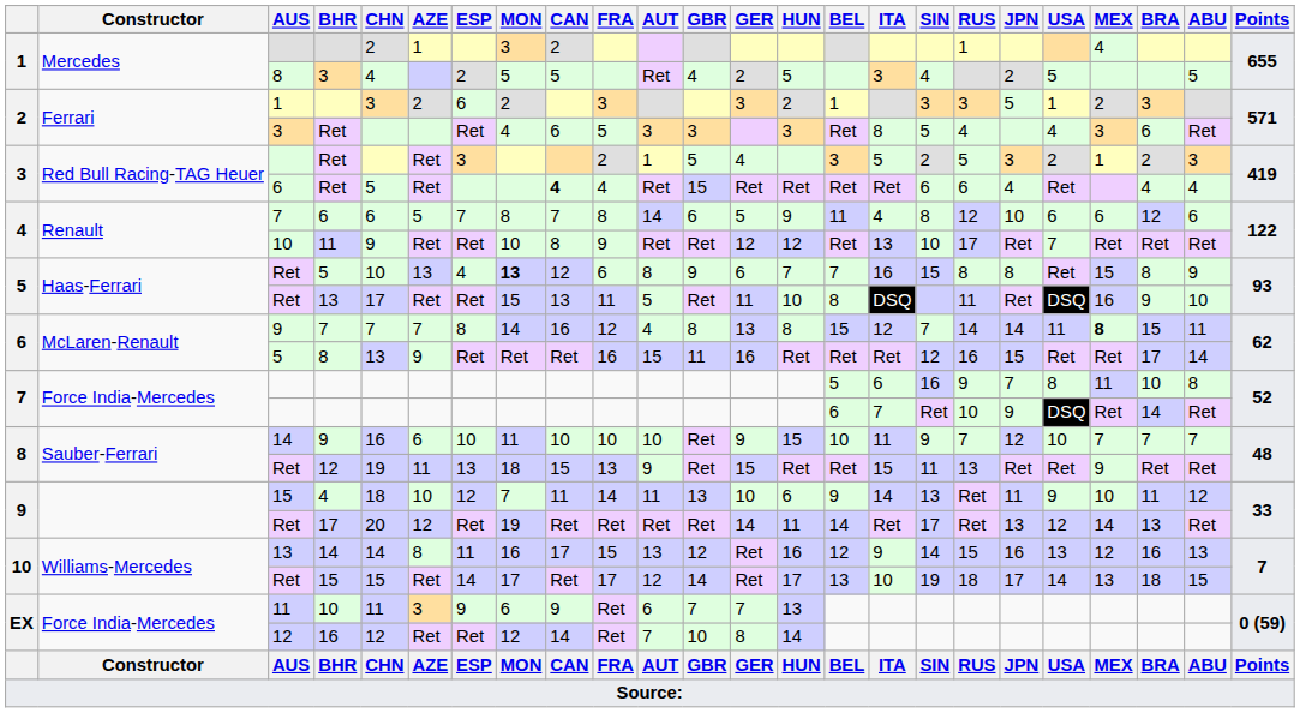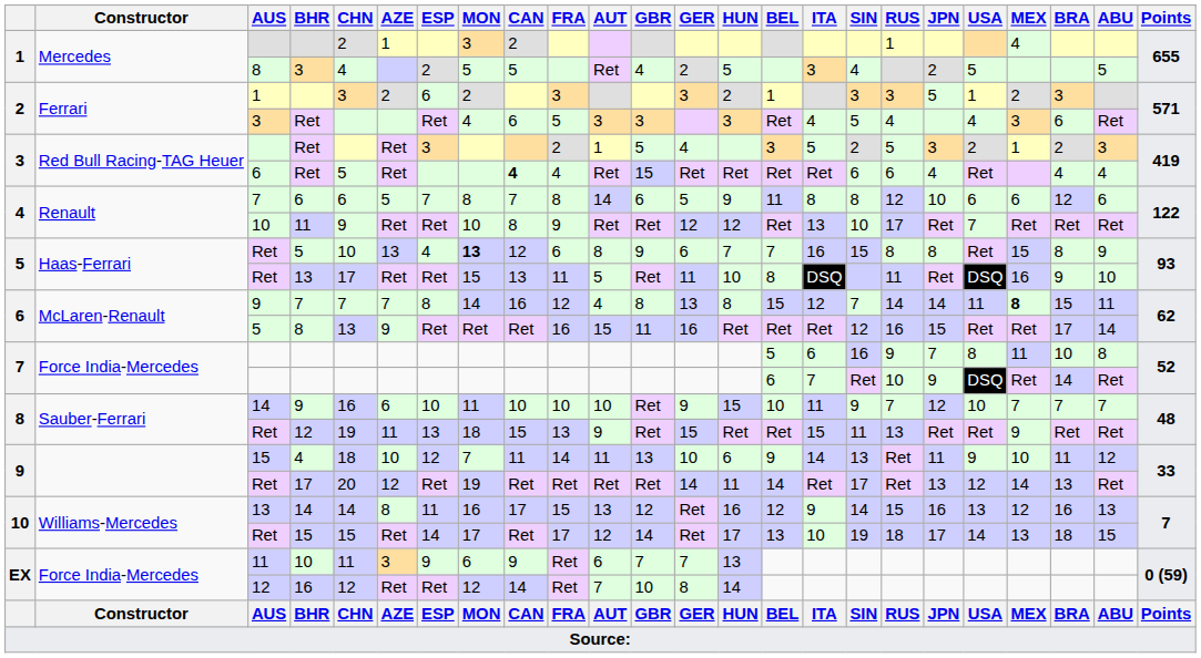 <table class="wikitable" style="font-size: 85%;">
 <tr style="vertical-align:middle;">
 <th style="vertical-align:middle"></th>
 <th style="vertical-align:middle;background">Constructor</th>
 <th style="vertical-align:top"><a href='#'>AUS</a><br></th>
 <th style="vertical-align:top"><a href='#'>BHR</a><br></th>
 <th style="vertical-align:top"><a href='#'>CHN</a><br></th>
 <th style="vertical-align:top"><a href='#'>AZE</a><br></th>
 <th style="vertical-align:top"><a href='#'>ESP</a><br></th>
 <th style="vertical-align:top"><a href='#'>MON</a><br></th>
 <th style="vertical-align:top"><a href='#'>CAN</a><br></th>
 <th style="vertical-align:top"><a href='#'>FRA</a><br></th>
 <th style="vertical-align:top"><a href='#'>AUT</a><br></th>
 <th style="vertical-align:top"><a href='#'>GBR</a><br></th>
 <th style="vertical-align:top"><a href='#'>GER</a><br></th>
 <th style="vertical-align:top"><a href='#'>HUN</a><br></th>
 <th style="vertical-align:top"><a href='#'>BEL</a><br></th>
 <th style="vertical-align:top"><a href='#'>ITA</a><br></th>
 <th style="vertical-align:top"><a href='#'>SIN</a><br></th>
 <th style="vertical-align:top"><a href='#'>RUS</a><br></th>
 <th style="vertical-align:top"><a href='#'>JPN</a><br></th>
 <th style="vertical-align:top"><a href='#'>USA</a><br></th>
 <th style="vertical-align:top"><a href='#'>MEX</a><br></th>
 <th style="vertical-align:top"><a href='#'>BRA</a><br></th>
 <th style="vertical-align:top"><a href='#'>ABU</a><br></th>
 <th style="vertical-align:middle"><a href='#'>Points</a></th>
 </tr>
 <tr>
 <th rowspan="2">1</th>
 <td rowspan="2" align="left"> <a href='#'>Mercedes</a></td>
 <td style="background-color:#dfdfdf"></td>
 <td style="background-color:#dfdfdf"></td>
 <td style="background-color:#dfdfdf">2</td>
 <td style="background-color:#ffffbf">1</td>
 <td style="background-color:#ffffbf"></td>
 <td style="background-color:#ffdf9f">3</td>
 <td style="background-color:#dfdfdf">2</td>
 <td style="background-color:#ffffbf"></td>
 <td style="background-color:#efcfff"></td>
 <td style="background-color:#dfdfdf"></td>
 <td style="background-color:#ffffbf"></td>
 <td style="background-color:#ffffbf"></td>
 <td style="background-color:#dfdfdf"></td>
 <td style="background-color:#ffffbf"></td>
 <td style="background-color:#ffffbf"></td>
 <td style="background-color:#ffffbf">1</td>
 <td style="background-color:#ffffbf"></td>
 <td style="background-color:#ffdf9f"></td>
 <td style="background-color:#dfffdf">4</td>
 <td style="background-color:#ffffbf"></td>
 <td style="background-color:#ffffbf"></td>
 <td style="background-color:#EAECF0;text-align:center" rowspan="2"><strong>655</strong></td>
 </tr>
 <tr>
 <td style="background-color:#dfffdf">8</td>
 <td style="background-color:#ffdf9f">3</td>
 <td style="background-color:#dfffdf">4</td>
 <td style="background-color:#cfcfff" nowrap></td>
 <td style="background-color:#dfdfdf">2</td>
 <td style="background-color:#dfffdf">5</td>
 <td style="background-color:#dfffdf">5</td>
 <td style="background-color:#dfffdf"></td>
 <td style="background-color:#efcfff">Ret</td>
 <td style="background-color:#dfffdf">4</td>
 <td style="background-color:#dfdfdf">2</td>
 <td style="background-color:#dfffdf">5</td>
 <td style="background-color:#dfffdf"></td>
 <td style="background-color:#ffdf9f">3</td>
 <td style="background-color:#dfffdf">4</td>
 <td style="background-color:#dfdfdf"></td>
 <td style="background-color:#dfdfdf">2</td>
 <td style="background-color:#dfffdf">5</td>
 <td style="background-color:#dfffdf"></td>
 <td style="background-color:#dfffdf"></td>
 <td style="background-color:#dfffdf">5</td>
 </tr>
 <tr>
 <th rowspan="2">2</th>
 <td rowspan="2" align="left"> <a href='#'>Ferrari</a></td>
 <td style="background-color:#ffffbf">1</td>
 <td style="background-color:#ffffbf"></td>
 <td style="background-color:#ffdf9f">3</td>
 <td style="background-color:#dfdfdf">2</td>
 <td style="background-color:#dfffdf">6</td>
 <td style="background-color:#dfdfdf">2</td>
 <td style="background-color:#ffffbf"></td>
 <td style="background-color:#ffdf9f">3</td>
 <td style="background-color:#dfdfdf"></td>
 <td style="background-color:#ffffbf"></td>
 <td style="background-color:#ffdf9f">3</td>
 <td style="background-color:#dfdfdf">2</td>
 <td style="background-color:#ffffbf">1</td>
 <td style="background-color:#dfdfdf"></td>
 <td style="background-color:#ffdf9f">3</td>
 <td style="background-color:#ffdf9f">3</td>
 <td style="background-color:#dfffdf">5</td>
 <td style="background-color:#ffffbf">1</td>
 <td style="background-color:#dfdfdf">2</td>
 <td style="background-color:#ffdf9f">3</td>
 <td style="background-color:#dfdfdf"></td>
 <td style="background-color:#EAECF0;text-align:center" rowspan="2"><strong>571</strong></td>
 </tr>
 <tr>
 <td style="background-color:#ffdf9f">3</td>
 <td style="background-color:#efcfff">Ret</td>
 <td style="background-color:#dfffdf"></td>
 <td style="background-color:#dfffdf"></td>
 <td style="background-color:#efcfff">Ret</td>
 <td style="background-color:#dfffdf">4</td>
 <td style="background-color:#dfffdf">6</td>
 <td style="background-color:#dfffdf">5</td>
 <td style="background-color:#ffdf9f">3</td>
 <td style="background-color:#ffdf9f">3</td>
 <td style="background-color:#efcfff"></td>
 <td style="background-color:#ffdf9f">3</td>
 <td style="background-color:#efcfff">Ret</td>
-<td style="background-color:#dfffdf">8</td>
+<td style="background-color:#dfffdf">4</td>
 <td style="background-color:#dfffdf">5</td>
 <td style="background-color:#dfffdf">4</td>
 <td style="background-color:#dfffdf"></td>
 <td style="background-color:#dfffdf">4</td>
 <td style="background-color:#ffdf9f">3</td>
 <td style="background-color:#dfffdf">6</td>
 <td style="background-color:#efcfff">Ret</td>
 </tr>
 <tr>
 <th rowspan="2">3</th>
 <td rowspan="2" align="left"> <a href='#'>Red Bull Racing</a>-<a href='#'>TAG Heuer</a></td>
 <td style="background-color:#dfffdf"></td>
 <td style="background-color:#efcfff">Ret</td>
 <td style="background-color:#ffffbf"></td>
 <td style="background-color:#efcfff">Ret</td>
 <td style="background-color:#ffdf9f">3</td>
 <td style="background-color:#ffffbf"></td>
 <td style="background-color:#ffdf9f"></td>
 <td style="background-color:#dfdfdf">2</td>
 <td style="background-color:#ffffbf">1</td>
 <td style="background-color:#dfffdf">5</td>
 <td style="background-color:#dfffdf">4</td>
 <td style="background-color:#dfffdf"></td>
 <td style="background-color:#ffdf9f">3</td>
 <td style="background-color:#dfffdf">5</td>
 <td style="background-color:#dfdfdf">2</td>
 <td style="background-color:#dfffdf">5</td>
 <td style="background-color:#ffdf9f">3</td>
 <td style="background-color:#dfdfdf">2</td>
 <td style="background-color:#ffffbf">1</td>
 <td style="background-color:#dfdfdf">2</td>
 <td style="background-color:#ffdf9f">3</td>
 <td style="background-color:#EAECF0;text-align:center" rowspan="2"><strong>419</strong></td>
 </tr>
 <tr>
 <td style="background-color:#dfffdf">6</td>
 <td style="background-color:#efcfff">Ret</td>
 <td style="background-color:#dfffdf">5</td>
 <td style="background-color:#efcfff">Ret</td>
 <td style="background-color:#dfffdf"></td>
 <td style="background-color:#dfffdf"></td>
 <td style="background-color:#dfffdf"><strong>4</strong></td>
 <td style="background-color:#dfffdf">4</td>
 <td style="background-color:#efcfff">Ret</td>
 <td style="background-color:#cfcfff">15</td>
 <td style="background-color:#efcfff">Ret</td>
 <td style="background-color:#efcfff">Ret</td>
 <td style="background-color:#efcfff">Ret</td>
 <td style="background-color:#efcfff">Ret</td>
 <td style="background-color:#dfffdf">6</td>
 <td style="background-color:#dfffdf">6</td>
 <td style="background-color:#dfffdf">4</td>
 <td style="background-color:#efcfff">Ret</td>
 <td style="background-color:#efcfff"></td>
 <td style="background-color:#dfffdf">4</td>
 <td style="background-color:#dfffdf">4</td>
 </tr>
 <tr>
 <th rowspan="2">4</th>
 <td rowspan="2" align="left"> <a href='#'>Renault</a></td>
 <td style="background-color:#dfffdf">7</td>
 <td style="background-color:#dfffdf">6</td>
 <td style="background-color:#dfffdf">6</td>
 <td style="background-color:#dfffdf">5</td>
 <td style="background-color:#dfffdf">7</td>
 <td style="background-color:#dfffdf">8</td>
 <td style="background-color:#dfffdf">7</td>
 <td style="background-color:#dfffdf">8</td>
 <td style="background-color:#cfcfff">14</td>
 <td style="background-color:#dfffdf">6</td>
 <td style="background-color:#dfffdf">5</td>
 <td style="background-color:#dfffdf">9</td>
 <td style="background-color:#cfcfff">11</td>
-<td style="background-color:#dfffdf">4</td>
+<td style="background-color:#dfffdf">8</td>
 <td style="background-color:#dfffdf">8</td>
 <td style="background-color:#cfcfff">12</td>
 <td style="background-color:#dfffdf">10</td>
 <td style="background-color:#dfffdf">6</td>
 <td style="background-color:#dfffdf">6</td>
 <td style="background-color:#cfcfff">12</td>
 <td style="background-color:#dfffdf">6</td>
 <td style="background-color:#EAECF0;text-align:center" rowspan="2"><strong>122</strong></td>
 </tr>
 <tr>
 <td style="background-color:#dfffdf">10</td>
 <td style="background-color:#cfcfff">11</td>
 <td style="background-color:#dfffdf">9</td>
 <td style="background-color:#efcfff">Ret</td>
 <td style="background-color:#efcfff">Ret</td>
 <td style="background-color:#dfffdf">10</td>
 <td style="background-color:#dfffdf">8</td>
 <td style="background-color:#dfffdf">9</td>
 <td style="background-color:#efcfff">Ret</td>
 <td style="background-color:#efcfff">Ret</td>
 <td style="background-color:#cfcfff">12</td>
 <td style="background-color:#cfcfff">12</td>
 <td style="background-color:#efcfff">Ret</td>
 <td style="background-color:#cfcfff">13</td>
 <td style="background-color:#dfffdf">10</td>
 <td style="background-color:#cfcfff">17</td>
 <td style="background-color:#efcfff">Ret</td>
 <td style="background-color:#dfffdf">7</td>
 <td style="background-color:#efcfff">Ret</td>
 <td style="background-color:#efcfff">Ret</td>
 <td style="background-color:#efcfff">Ret</td>
 </tr>
 <tr>
 <th rowspan="2">5</th>
 <td rowspan="2" align="left"> <a href='#'>Haas</a>-<a href='#'>Ferrari</a></td>
 <td style="background-color:#efcfff">Ret</td>
 <td style="background-color:#dfffdf">5</td>
 <td style="background-color:#dfffdf">10</td>
 <td style="background-color:#cfcfff">13</td>
 <td style="background-color:#dfffdf">4</td>
 <td style="background-color:#cfcfff"><strong>13</strong></td>
 <td style="background-color:#cfcfff">12</td>
 <td style="background-color:#dfffdf">6</td>
 <td style="background-color:#dfffdf">8</td>
 <td style="background-color:#dfffdf">9</td>
 <td style="background-color:#dfffdf">6</td>
 <td style="background-color:#dfffdf">7</td>
 <td style="background-color:#dfffdf">7</td>
 <td style="background-color:#cfcfff">16</td>
 <td style="background-color:#cfcfff">15</td>
 <td style="background-color:#dfffdf">8</td>
 <td style="background-color:#dfffdf">8</td>
 <td style="background-color:#efcfff">Ret</td>
 <td style="background-color:#cfcfff">15</td>
 <td style="background-color:#dfffdf">8</td>
 <td style="background-color:#dfffdf">9</td>
 <td style="background-color:#EAECF0;text-align:center" rowspan="2"><strong>93</strong></td>
 </tr>
 <tr>
 <td style="background-color:#efcfff">Ret</td>
 <td style="background-color:#cfcfff">13</td>
 <td style="background-color:#cfcfff">17</td>
 <td style="background-color:#efcfff">Ret</td>
 <td style="background-color:#efcfff">Ret</td>
 <td style="background-color:#cfcfff">15</td>
 <td style="background-color:#cfcfff">13</td>
 <td style="background-color:#cfcfff">11</td>
 <td style="background-color:#dfffdf">5</td>
 <td style="background-color:#efcfff">Ret</td>
 <td style="background-color:#cfcfff">11</td>
 <td style="background-color:#dfffdf">10</td>
 <td style="background-color:#dfffdf">8</td>
 <td style="background-color:#000000; color:white">DSQ</td>
 <td style="background-color:#cfcfff"></td>
 <td style="background-color:#cfcfff">11</td>
 <td style="background-color:#efcfff">Ret</td>
 <td style="background-color:#000000; color:white">DSQ</td>
 <td style="background-color:#cfcfff">16</td>
 <td style="background-color:#dfffdf">9</td>
 <td style="background-color:#dfffdf">10</td>
 </tr>
 <tr>
 <th rowspan="2">6</th>
 <td rowspan="2" align="left"> <a href='#'>McLaren</a>-<a href='#'>Renault</a></td>
 <td style="background-color:#dfffdf">9</td>
 <td style="background-color:#dfffdf">7</td>
 <td style="background-color:#dfffdf">7</td>
 <td style="background-color:#dfffdf">7</td>
 <td style="background-color:#dfffdf">8</td>
 <td style="background-color:#cfcfff">14</td>
 <td style="background-color:#cfcfff">16</td>
 <td style="background-color:#cfcfff">12</td>
 <td style="background-color:#dfffdf">4</td>
 <td style="background-color:#dfffdf">8</td>
 <td style="background-color:#cfcfff">13</td>
 <td style="background-color:#dfffdf">8</td>
 <td style="background-color:#cfcfff">15</td>
 <td style="background-color:#cfcfff">12</td>
 <td style="background-color:#dfffdf">7</td>
 <td style="background-color:#cfcfff">14</td>
 <td style="background-color:#cfcfff">14</td>
 <td style="background-color:#cfcfff">11</td>
 <td style="background-color:#dfffdf"><strong>8</strong></td>
 <td style="background-color:#cfcfff">15</td>
 <td style="background-color:#cfcfff">11</td>
 <td style="background-color:#EAECF0;text-align:center" rowspan="2"><strong>62</strong></td>
 </tr>
 <tr>
 <td style="background-color:#dfffdf">5</td>
 <td style="background-color:#dfffdf">8</td>
 <td style="background-color:#cfcfff">13</td>
 <td style="background-color:#dfffdf">9</td>
 <td style="background-color:#efcfff">Ret</td>
 <td style="background-color:#efcfff">Ret</td>
 <td style="background-color:#efcfff">Ret</td>
 <td style="background-color:#cfcfff">16</td>
 <td style="background-color:#cfcfff">15</td>
 <td style="background-color:#cfcfff">11</td>
 <td style="background-color:#cfcfff">16</td>
 <td style="background-color:#efcfff">Ret</td>
 <td style="background-color:#efcfff">Ret</td>
 <td style="background-color:#efcfff">Ret</td>
 <td style="background-color:#cfcfff">12</td>
 <td style="background-color:#cfcfff">16</td>
 <td style="background-color:#cfcfff">15</td>
 <td style="background-color:#efcfff">Ret</td>
 <td style="background-color:#efcfff">Ret</td>
 <td style="background-color:#cfcfff">17</td>
 <td style="background-color:#cfcfff">14</td>
 </tr>
 <tr>
 <th rowspan="2">7</th>
 <td rowspan="2" align="left" nowrap> <a href='#'>Force India</a>-<a href='#'>Mercedes</a></td>
 <td> </td>
 <td></td>
 <td></td>
 <td></td>
 <td></td>
 <td></td>
 <td></td>
 <td></td>
 <td></td>
 <td></td>
 <td></td>
 <td></td>
 <td style="background-color:#dfffdf">5</td>
 <td style="background-color:#dfffdf">6</td>
 <td style="background-color:#cfcfff">16</td>
 <td style="background-color:#dfffdf">9</td>
 <td style="background-color:#dfffdf">7</td>
 <td style="background-color:#dfffdf">8</td>
 <td style="background-color:#cfcfff">11</td>
 <td style="background-color:#dfffdf">10</td>
 <td style="background-color:#dfffdf">8</td>
 <td style="background-color:#EAECF0;text-align:center" rowspan="2"><strong>52</strong></td>
 </tr>
 <tr>
 <td> </td>
 <td></td>
 <td></td>
 <td></td>
 <td></td>
 <td></td>
 <td></td>
 <td></td>
 <td></td>
 <td></td>
 <td></td>
 <td></td>
 <td style="background-color:#dfffdf">6</td>
 <td style="background-color:#dfffdf">7</td>
 <td style="background-color:#efcfff">Ret</td>
 <td style="background-color:#dfffdf">10</td>
 <td style="background-color:#dfffdf">9</td>
 <td style="background-color:#000000; color:white">DSQ</td>
 <td style="background-color:#efcfff">Ret</td>
 <td style="background-color:#cfcfff">14</td>
 <td style="background-color:#efcfff">Ret</td>
 </tr>
 <tr>
 <th rowspan="2">8</th>
 <td rowspan="2" align="left"> <a href='#'>Sauber</a>-<a href='#'>Ferrari</a></td>
 <td style="background-color:#cfcfff">14</td>
 <td style="background-color:#dfffdf">9</td>
 <td style="background-color:#cfcfff">16</td>
 <td style="background-color:#dfffdf">6</td>
 <td style="background-color:#dfffdf">10</td>
 <td style="background-color:#cfcfff">11</td>
 <td style="background-color:#dfffdf">10</td>
 <td style="background-color:#dfffdf">10</td>
 <td style="background-color:#dfffdf">10</td>
 <td style="background-color:#efcfff">Ret</td>
 <td style="background-color:#dfffdf">9</td>
 <td style="background-color:#cfcfff">15</td>
 <td style="background-color:#dfffdf">10</td>
 <td style="background-color:#cfcfff">11</td>
 <td style="background-color:#dfffdf">9</td>
 <td style="background-color:#dfffdf">7</td>
 <td style="background-color:#cfcfff">12</td>
 <td style="background-color:#dfffdf">10</td>
 <td style="background-color:#dfffdf">7</td>
 <td style="background-color:#dfffdf">7</td>
 <td style="background-color:#dfffdf">7</td>
 <td style="background-color:#EAECF0;text-align:center" rowspan="2"><strong>48</strong></td>
 </tr>
 <tr>
 <td style="background-color:#efcfff">Ret</td>
 <td style="background-color:#cfcfff">12</td>
 <td style="background-color:#cfcfff">19</td>
 <td style="background-color:#cfcfff">11</td>
 <td style="background-color:#cfcfff">13</td>
 <td style="background-color:#cfcfff">18</td>
 <td style="background-color:#cfcfff">15</td>
 <td style="background-color:#cfcfff">13</td>
 <td style="background-color:#dfffdf">9</td>
 <td style="background-color:#efcfff">Ret</td>
 <td style="background-color:#cfcfff">15</td>
 <td style="background-color:#efcfff">Ret</td>
 <td style="background-color:#efcfff">Ret</td>
 <td style="background-color:#cfcfff">15</td>
 <td style="background-color:#cfcfff">11</td>
 <td style="background-color:#cfcfff">13</td>
 <td style="background-color:#efcfff">Ret</td>
 <td style="background-color:#efcfff">Ret</td>
 <td style="background-color:#dfffdf">9</td>
 <td style="background-color:#efcfff">Ret</td>
 <td style="background-color:#efcfff">Ret</td>
 </tr>
 <tr>
 <th rowspan="2">9</th>
 <td rowspan="2" align="left"></td>
 <td style="background-color:#cfcfff">15</td>
 <td style="background-color:#dfffdf">4</td>
 <td style="background-color:#cfcfff">18</td>
 <td style="background-color:#dfffdf">10</td>
 <td style="background-color:#cfcfff">12</td>
 <td style="background-color:#dfffdf">7</td>
 <td style="background-color:#cfcfff">11</td>
 <td style="background-color:#cfcfff">14</td>
 <td style="background-color:#cfcfff">11</td>
 <td style="background-color:#cfcfff">13</td>
 <td style="background-color:#dfffdf">10</td>
 <td style="background-color:#dfffdf">6</td>
 <td style="background-color:#dfffdf">9</td>
 <td style="background-color:#cfcfff">14</td>
 <td style="background-color:#cfcfff">13</td>
 <td style="background-color:#efcfff">Ret</td>
 <td style="background-color:#cfcfff">11</td>
 <td style="background-color:#dfffdf">9</td>
 <td style="background-color:#dfffdf">10</td>
 <td style="background-color:#cfcfff">11</td>
 <td style="background-color:#cfcfff">12</td>
 <td style="background-color:#EAECF0;text-align:center" rowspan="2"><strong>33</strong></td>
 </tr>
 <tr>
 <td style="background-color:#efcfff">Ret</td>
 <td style="background-color:#cfcfff">17</td>
 <td style="background-color:#cfcfff">20</td>
 <td style="background-color:#cfcfff">12</td>
 <td style="background-color:#efcfff">Ret</td>
 <td style="background-color:#cfcfff">19</td>
 <td style="background-color:#efcfff">Ret</td>
 <td style="background-color:#efcfff">Ret</td>
 <td style="background-color:#efcfff">Ret</td>
 <td style="background-color:#efcfff">Ret</td>
 <td style="background-color:#cfcfff">14</td>
 <td style="background-color:#cfcfff">11</td>
 <td style="background-color:#cfcfff">14</td>
 <td style="background-color:#efcfff">Ret</td>
 <td style="background-color:#cfcfff">17</td>
 <td style="background-color:#efcfff">Ret</td>
 <td style="background-color:#cfcfff">13</td>
 <td style="background-color:#cfcfff">12</td>
 <td style="background-color:#cfcfff">14</td>
 <td style="background-color:#cfcfff">13</td>
 <td style="background-color:#efcfff">Ret</td>
 </tr>
 <tr>
 <th rowspan="2">10</th>
 <td rowspan="2" align="left"> <a href='#'>Williams</a>-<a href='#'>Mercedes</a></td>
 <td style="background-color:#cfcfff">13</td>
 <td style="background-color:#cfcfff">14</td>
 <td style="background-color:#cfcfff">14</td>
 <td style="background-color:#dfffdf">8</td>
 <td style="background-color:#cfcfff">11</td>
 <td style="background-color:#cfcfff">16</td>
 <td style="background-color:#cfcfff">17</td>
 <td style="background-color:#cfcfff">15</td>
 <td style="background-color:#cfcfff">13</td>
 <td style="background-color:#cfcfff">12</td>
 <td style="background-color:#efcfff">Ret</td>
 <td style="background-color:#cfcfff">16</td>
 <td style="background-color:#cfcfff">12</td>
 <td style="background-color:#dfffdf">9</td>
 <td style="background-color:#cfcfff">14</td>
 <td style="background-color:#cfcfff">15</td>
 <td style="background-color:#cfcfff">16</td>
 <td style="background-color:#cfcfff">13</td>
 <td style="background-color:#cfcfff">12</td>
 <td style="background-color:#cfcfff">16</td>
 <td style="background-color:#cfcfff">13</td>
 <td style="background-color:#EAECF0;text-align:center" rowspan="2"><strong>7</strong></td>
 </tr>
 <tr>
 <td style="background-color:#efcfff">Ret</td>
 <td style="background-color:#cfcfff">15</td>
 <td style="background-color:#cfcfff">15</td>
 <td style="background-color:#efcfff">Ret</td>
 <td style="background-color:#cfcfff">14</td>
 <td style="background-color:#cfcfff">17</td>
 <td style="background-color:#efcfff">Ret</td>
 <td style="background-color:#cfcfff">17</td>
 <td style="background-color:#cfcfff">12</td>
 <td style="background-color:#cfcfff">14</td>
 <td style="background-color:#efcfff">Ret</td>
 <td style="background-color:#cfcfff">17</td>
 <td style="background-color:#cfcfff">13</td>
 <td style="background-color:#dfffdf">10</td>
 <td style="background-color:#cfcfff">19</td>
 <td style="background-color:#cfcfff">18</td>
 <td style="background-color:#cfcfff">17</td>
 <td style="background-color:#cfcfff">14</td>
 <td style="background-color:#cfcfff">13</td>
 <td style="background-color:#cfcfff">18</td>
 <td style="background-color:#cfcfff">15</td>
 </tr>
 <tr>
 <th style="text-align:center" rowspan="2">EX</th>
 <td rowspan="2" align="left" nowrap> <a href='#'>Force India</a>-<a href='#'>Mercedes</a></td>
 <td style="background-color:#cfcfff">11</td>
 <td style="background-color:#dfffdf">10</td>
 <td style="background-color:#cfcfff">11</td>
 <td style="background-color:#ffdf9f">3</td>
 <td style="background-color:#dfffdf">9</td>
 <td style="background-color:#dfffdf">6</td>
 <td style="background-color:#dfffdf">9</td>
 <td style="background-color:#efcfff">Ret</td>
 <td style="background-color:#dfffdf">6</td>
 <td style="background-color:#dfffdf">7</td>
 <td style="background-color:#dfffdf">7</td>
 <td style="background-color:#cfcfff">13</td>
 <td></td>
 <td></td>
 <td></td>
 <td></td>
 <td></td>
 <td></td>
 <td></td>
 <td></td>
 <td></td>
 <td style="background-color:#EAECF0;text-align:center" rowspan="2"><strong>0 (59)</strong></td>
 </tr>
 <tr>
 <td style="background-color:#cfcfff">12</td>
 <td style="background-color:#cfcfff">16</td>
 <td style="background-color:#cfcfff">12</td>
 <td style="background-color:#efcfff">Ret</td>
 <td style="background-color:#efcfff">Ret</td>
 <td style="background-color:#cfcfff">12</td>
 <td style="background-color:#cfcfff">14</td>
 <td style="background-color:#efcfff">Ret</td>
 <td style="background-color:#dfffdf">7</td>
 <td style="background-color:#dfffdf">10</td>
 <td style="background-color:#dfffdf">8</td>
 <td style="background-color:#cfcfff">14</td>
 <td></td>
 <td></td>
 <td></td>
 <td></td>
 <td></td>
 <td></td>
 <td></td>
 <td></td>
 <td></td>
 </tr>
 <tr>
 <th style="vertical-align:middle"></th>
 <th style="vertical-align:middle">Constructor</th>
 <th style="vertical-align:top"><a href='#'>AUS</a><br></th>
 <th style="vertical-align:top"><a href='#'>BHR</a><br></th>
 <th style="vertical-align:top"><a href='#'>CHN</a><br></th>
 <th style="vertical-align:top"><a href='#'>AZE</a><br></th>
 <th style="vertical-align:top"><a href='#'>ESP</a><br></th>
 <th style="vertical-align:top"><a href='#'>MON</a><br></th>
 <th style="vertical-align:top"><a href='#'>CAN</a><br></th>
 <th style="vertical-align:top"><a href='#'>FRA</a><br></th>
 <th style="vertical-align:top"><a href='#'>AUT</a><br></th>
 <th style="vertical-align:top"><a href='#'>GBR</a><br></th>
 <th style="vertical-align:top"><a href='#'>GER</a><br></th>
 <th style="vertical-align:top"><a href='#'>HUN</a><br></th>
 <th style="vertical-align:top"><a href='#'>BEL</a><br></th>
 <th style="vertical-align:top"><a href='#'>ITA</a><br></th>
 <th style="vertical-align:top"><a href='#'>SIN</a><br></th>
 <th style="vertical-align:top"><a href='#'>RUS</a><br></th>
 <th style="vertical-align:top"><a href='#'>JPN</a><br></th>
 <th style="vertical-align:top"><a href='#'>USA</a><br></th>
 <th style="vertical-align:top"><a href='#'>MEX</a><br></th>
 <th style="vertical-align:top"><a href='#'>BRA</a><br></th>
 <th style="vertical-align:top"><a href='#'>ABU</a><br></th>
 <th style="vertical-align:middle"><a href='#'>Points</a></th>
 </tr>
 <tr>
 <th colspan="24" style="background-color:#EAECF0;text-align:center"><strong>Source:</strong></th>
 </tr>
 </table>
